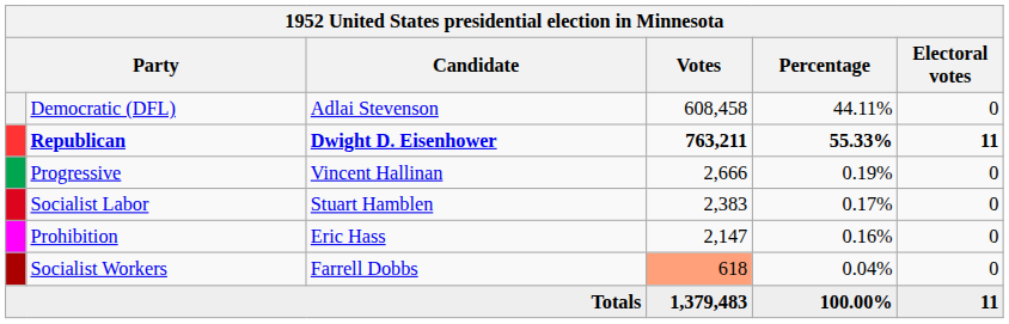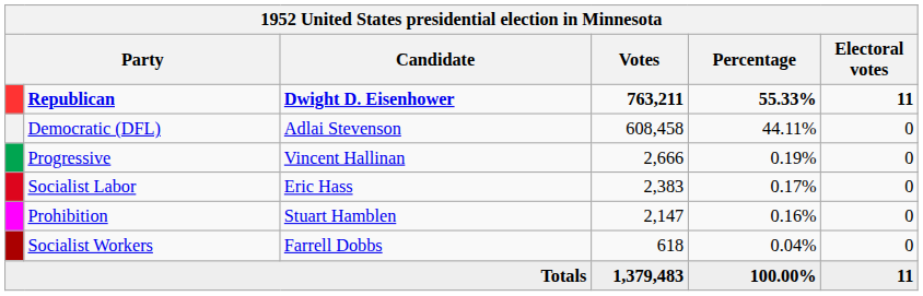 <table class="wikitable" style="font-size: 95%;">
 <tr>
 <th colspan="6">1952 United States presidential election in Minnesota</th>
 </tr>
 <tr>
 <th colspan="2" style="width: 15em">Party</th>
 <th style="width: 17em">Candidate</th>
 <th style="width: 5em">Votes</th>
 <th style="width: 7em">Percentage</th>
 <th style="width: 5em">Electoral votes</th>
 </tr>
 <tr>
+<th style="background-color:#FF3333; width: 3px"></th>
+<td style="width: 130px"><strong><a href='#'>Republican</a></strong></td>
+<td><strong><a href='#'>Dwight D. Eisenhower</a></strong></td>
+<td align="right"><strong>763,211</strong></td>
+<td align="right"><strong>55.33%</strong></td>
+<td align="right"><strong>11</strong></td>
+</tr>
+<tr>
 <th style="background-color:"></th>
 <td style="width: 130px"><a href='#'>Democratic (DFL)</a></td>
 <td><a href='#'>Adlai Stevenson</a></td>
 <td align="right">608,458</td>
 <td align="right">44.11%</td>
 <td align="right">0</td>
-</tr>
-<tr>
-<th style="background-color:#FF3333; width: 3px"></th>
-<td style="width: 130px"><strong><a href='#'>Republican</a></strong></td>
-<td><strong><a href='#'>Dwight D. Eisenhower</a></strong></td>
-<td align="right"><strong>763,211</strong></td>
-<td align="right"><strong>55.33%</strong></td>
-<td align="right"><strong>11</strong></td>
 </tr>
 <tr>
 <th style="background-color:#00A550; width: 3px"></th>
 <td style="width: 130px"><a href='#'>Progressive</a></td>
 <td><a href='#'>Vincent Hallinan</a></td>
 <td align="right">2,666</td>
 <td align="right">0.19%</td>
 <td align="right">0</td>
 </tr>
 <tr>
 <th style="background-color:#DD051D; width: 3px"></th>
 <td style="width: 130px"><a href='#'>Socialist Labor</a></td>
-<td><a href='#'>Stuart Hamblen</a></td>
+<td><a href='#'>Eric Hass</a></td>
 <td align="right">2,383</td>
 <td align="right">0.17%</td>
 <td align="right">0</td>
 </tr>
 <tr>
 <th style="background-color:#FF00FF; width: 3px"></th>
 <td style="width: 130px"><a href='#'>Prohibition</a></td>
-<td><a href='#'>Eric Hass</a></td>
+<td><a href='#'>Stuart Hamblen</a></td>
 <td align="right">2,147</td>
 <td align="right">0.16%</td>
 <td align="right">0</td>
 </tr>
 <tr>
 <th style="background-color:#aa0000; width: 3px"></th>
 <td style="width: 130px"><a href='#'>Socialist Workers</a></td>
 <td><a href='#'>Farrell Dobbs</a></td>
-<td align="right" style="background: lightsalmon;">618</td>
+<td align="right">618</td>
 <td align="right">0.04%</td>
 <td align="right">0</td>
 </tr>
 <tr bgcolor="#EEEEEE">
 <td colspan="3" align="right"><strong>Totals</strong></td>
 <td align="right"><strong>1,379,483</strong></td>
 <td align="right"><strong>100.00%</strong></td>
 <td align="right"><strong>11</strong></td>
 </tr>
 </table>
